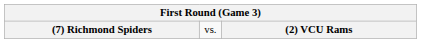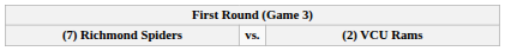 <table class="wikitable">
 <tr>
 <th style="width: 594px;" colspan=3>First Round (Game 3)</th>
 </tr>
 <tr>
 <th style="width: 284px; ">(7) Richmond Spiders</th>
-<td style="width: 25px; text-align:center">vs.</td>
+<td style="width: 25px; text-align:center"><strong>vs.</strong></td>
 <th style="width: 284px; ">(2) VCU Rams</th>
 </tr>
 </table>
